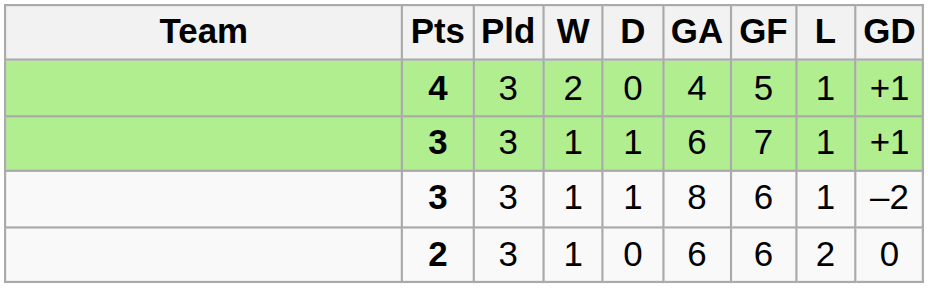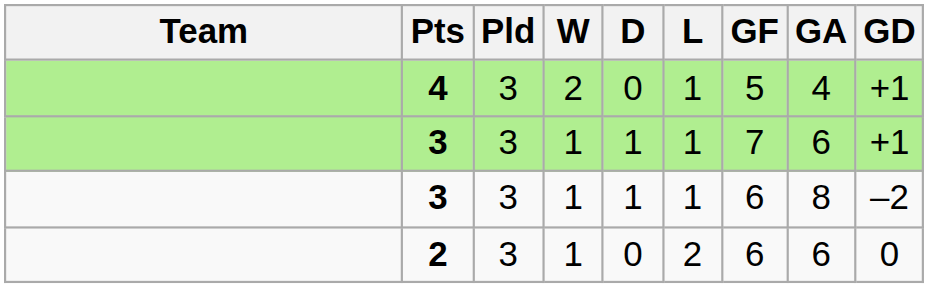 <table class="wikitable" style="text-align:center;">
 <tr>
 <th width=175>Team</th>
 <th width=20  abbr="Points">Pts</th>
 <th width=20  abbr="Played">Pld</th>
 <th width=20  abbr="Won">W</th>
 <th width=20  abbr="Drawn">D</th>
+<th width=20  abbr="Lost">L</th>
+<th width=20  abbr="Goals for">GF</th>
 <th width=20  abbr="Goals against">GA</th>
-<th width=20  abbr="Goals for">GF</th>
-<th width=20  abbr="Lost">L</th>
 <th width=20  abbr="Goal difference">GD</th>
 </tr>
 <tr style="background: #B0EE90;">
 <td align=left></td>
 <td><strong>4</strong></td>
 <td>3</td>
 <td>2</td>
 <td>0</td>
+<td>1</td>
+<td>5</td>
 <td>4</td>
-<td>5</td>
-<td>1</td>
 <td>+1</td>
 </tr>
 <tr style="background: #B0EE90;">
 <td align=left></td>
 <td><strong>3</strong></td>
 <td>3</td>
 <td>1</td>
 <td>1</td>
+<td>1</td>
+<td>7</td>
 <td>6</td>
-<td>7</td>
-<td>1</td>
 <td>+1</td>
 </tr>
 <tr>
 <td align=left></td>
 <td><strong>3</strong></td>
 <td>3</td>
 <td>1</td>
 <td>1</td>
+<td>1</td>
+<td>6</td>
 <td>8</td>
-<td>6</td>
-<td>1</td>
 <td>–2</td>
 </tr>
 <tr>
 <td align=left></td>
 <td><strong>2</strong></td>
 <td>3</td>
 <td>1</td>
 <td>0</td>
+<td>2</td>
 <td>6</td>
 <td>6</td>
-<td>2</td>
 <td>0</td>
 </tr>
 </table>
